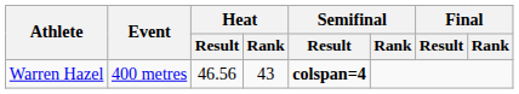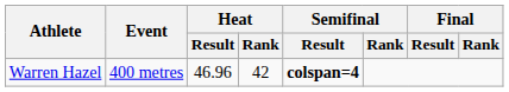 <table class=wikitable style=font-size:90%>
 <tr>
 <th rowspan=2>Athlete</th>
 <th rowspan=2>Event</th>
 <th colspan=2>Heat</th>
 <th colspan=2>Semifinal</th>
 <th colspan=2>Final</th>
 </tr>
 <tr style=font-size:95%>
 <th>Result</th>
 <th>Rank</th>
 <th>Result</th>
 <th>Rank</th>
 <th>Result</th>
 <th>Rank</th>
 </tr>
 <tr align=center>
 <td align=left><a href='#'>Warren Hazel</a></td>
 <td align=left><a href='#'>400 metres</a></td>
-<td>46.56</td>
-<td>43</td>
+<td>46.96</td>
+<td>42</td>
 <td><strong>colspan=4 </strong></td>
 </tr>
 </table>
